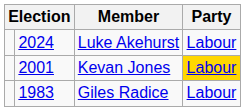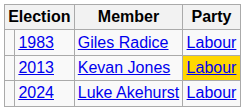 <table class="wikitable">
 <tr>
 <th colspan="2">Election</th>
 <th>Member</th>
 <th>Party</th>
 </tr>
 <tr>
 <td style="color:inherit;background-color: "></td>
-<td><a href='#'>2024</a></td>
-<td><a href='#'>Luke Akehurst</a></td>
+<td><a href='#'>1983</a></td>
+<td><a href='#'>Giles Radice</a></td>
 <td><a href='#'>Labour</a></td>
 </tr>
 <tr>
 <td style="color:inherit;background-color: "></td>
-<td><a href='#'>2001</a></td>
+<td><a href='#'>2013</a></td>
 <td><a href='#'>Kevan Jones</a></td>
 <td style="background: gold;"><a href='#'>Labour</a></td>
 </tr>
 <tr>
 <td style="color:inherit;background-color: "></td>
-<td><a href='#'>1983</a></td>
-<td><a href='#'>Giles Radice</a></td>
+<td><a href='#'>2024</a></td>
+<td><a href='#'>Luke Akehurst</a></td>
 <td><a href='#'>Labour</a></td>
 </tr>
 </table>
